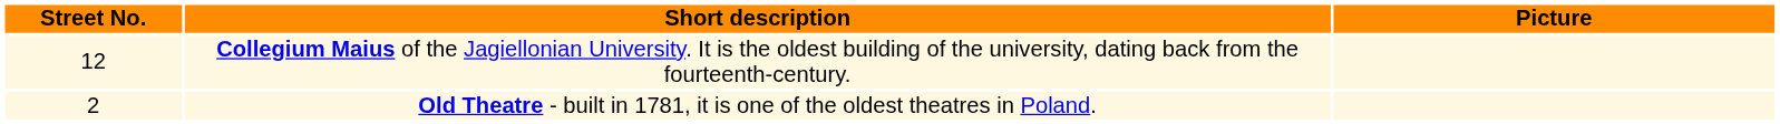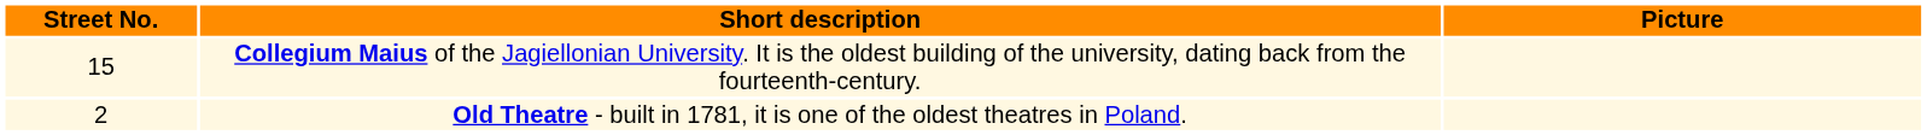 <table>
 <tr ---- bgcolor="#FF 8C 00">
 <th width=4%>Street No.</th>
 <th width=26%>Short description</th>
 <th width=10%>Picture</th>
 </tr>
 <tr ---- bgcolor="#FFF8E1">
-<td align="center">12</td>
+<td align="center">15</td>
 <td align="center"><strong><a href='#'>Collegium Maius</a></strong> of the <a href='#'>Jagiellonian University</a>. It is the oldest building of the university, dating back from the fourteenth-century.</td>
 <td align="center"></td>
 </tr>
 <tr ---- bgcolor="#FFF8E1">
 <td align="center">2</td>
 <td align="center"><strong><a href='#'>Old Theatre</a></strong> - built in 1781, it is one of the oldest theatres in <a href='#'>Poland</a>.</td>
 <td align="center"></td>
 </tr>
 </table>
